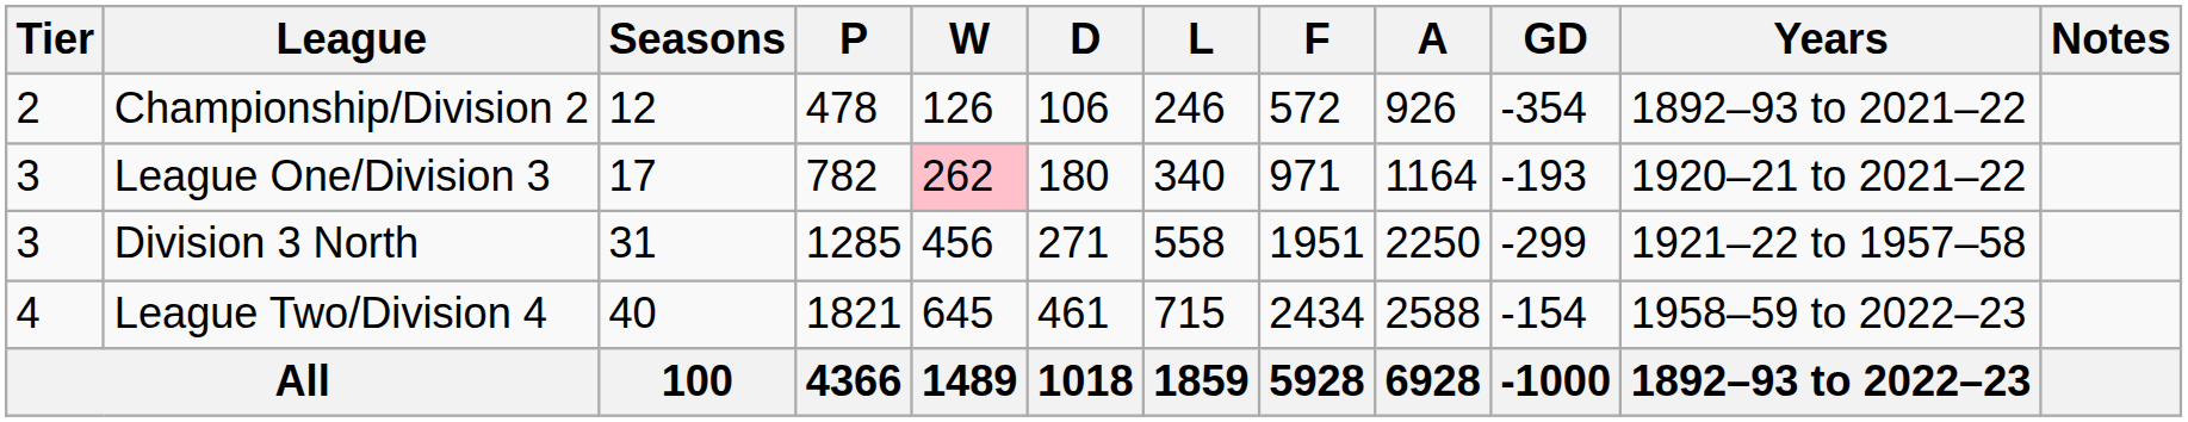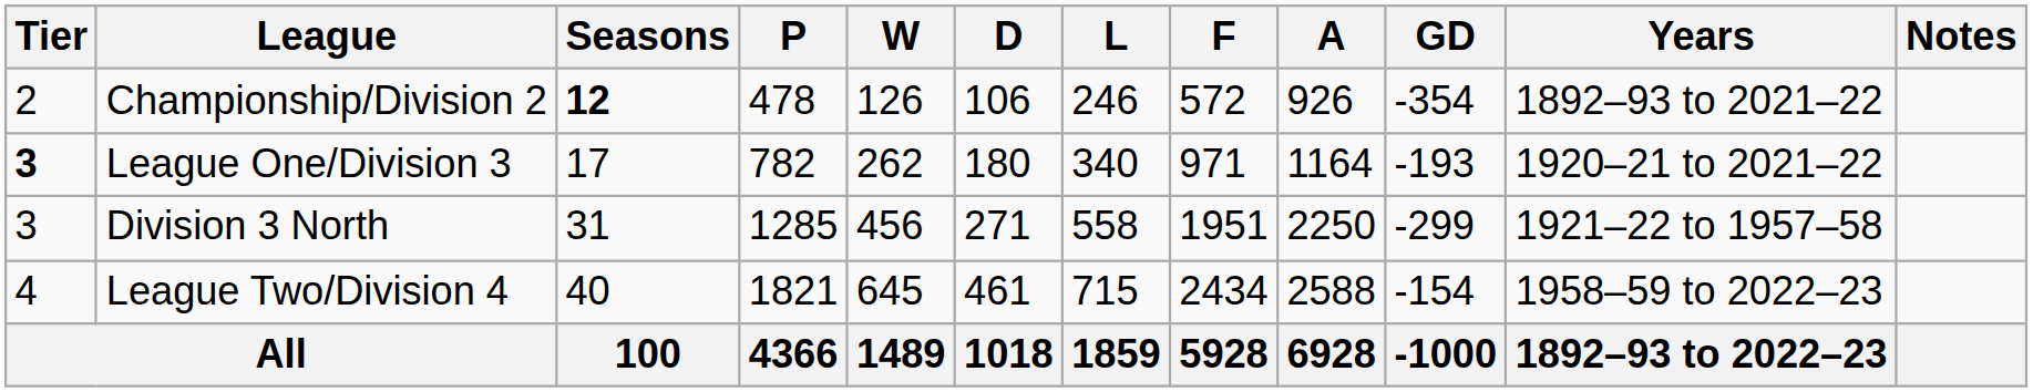 <table class="wikitable">
 <tr>
 <th>Tier</th>
 <th>League</th>
 <th>Seasons</th>
 <th>P</th>
 <th>W</th>
 <th>D</th>
 <th>L</th>
 <th>F</th>
 <th>A</th>
 <th>GD</th>
 <th>Years</th>
 <th>Notes</th>
 </tr>
 <tr>
 <td>2</td>
 <td>Championship/Division 2</td>
-<td>12</td>
+<td><strong>12</strong></td>
 <td>478</td>
 <td>126</td>
 <td>106</td>
 <td>246</td>
 <td>572</td>
 <td>926</td>
 <td>-354</td>
 <td>1892–93 to 2021–22</td>
 <td></td>
 </tr>
 <tr>
-<td>3</td>
+<td><strong>3</strong></td>
 <td>League One/Division 3</td>
 <td>17</td>
 <td>782</td>
-<td style="background: pink;">262</td>
+<td>262</td>
 <td>180</td>
 <td>340</td>
 <td>971</td>
 <td>1164</td>
 <td>-193</td>
 <td>1920–21 to 2021–22</td>
 <td></td>
 </tr>
 <tr>
 <td>3</td>
 <td>Division 3 North</td>
 <td>31</td>
 <td>1285</td>
 <td>456</td>
 <td>271</td>
 <td>558</td>
 <td>1951</td>
 <td>2250</td>
 <td>-299</td>
 <td>1921–22 to 1957–58</td>
 <td></td>
 </tr>
 <tr>
 <td>4</td>
 <td>League Two/Division 4</td>
 <td>40</td>
 <td>1821</td>
 <td>645</td>
 <td>461</td>
 <td>715</td>
 <td>2434</td>
 <td>2588</td>
 <td>-154</td>
 <td>1958–59 to 2022–23</td>
 <td></td>
 </tr>
 <tr>
 <th colspan="2">All</th>
 <th>100</th>
 <th>4366</th>
 <th>1489</th>
 <th>1018</th>
 <th>1859</th>
 <th>5928</th>
 <th>6928</th>
 <th>-1000</th>
 <th>1892–93 to 2022–23</th>
 <th></th>
 </tr>
 </table>
